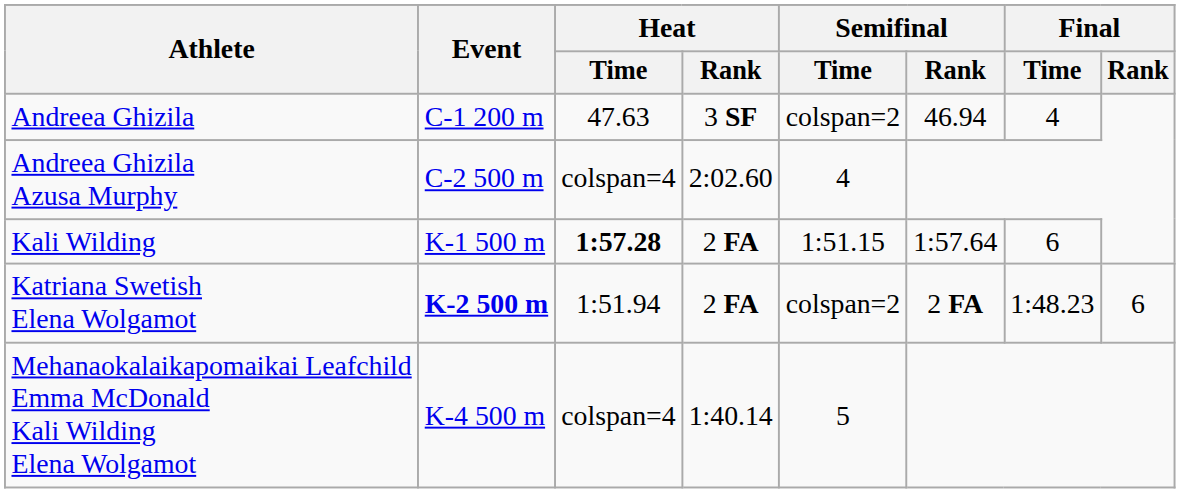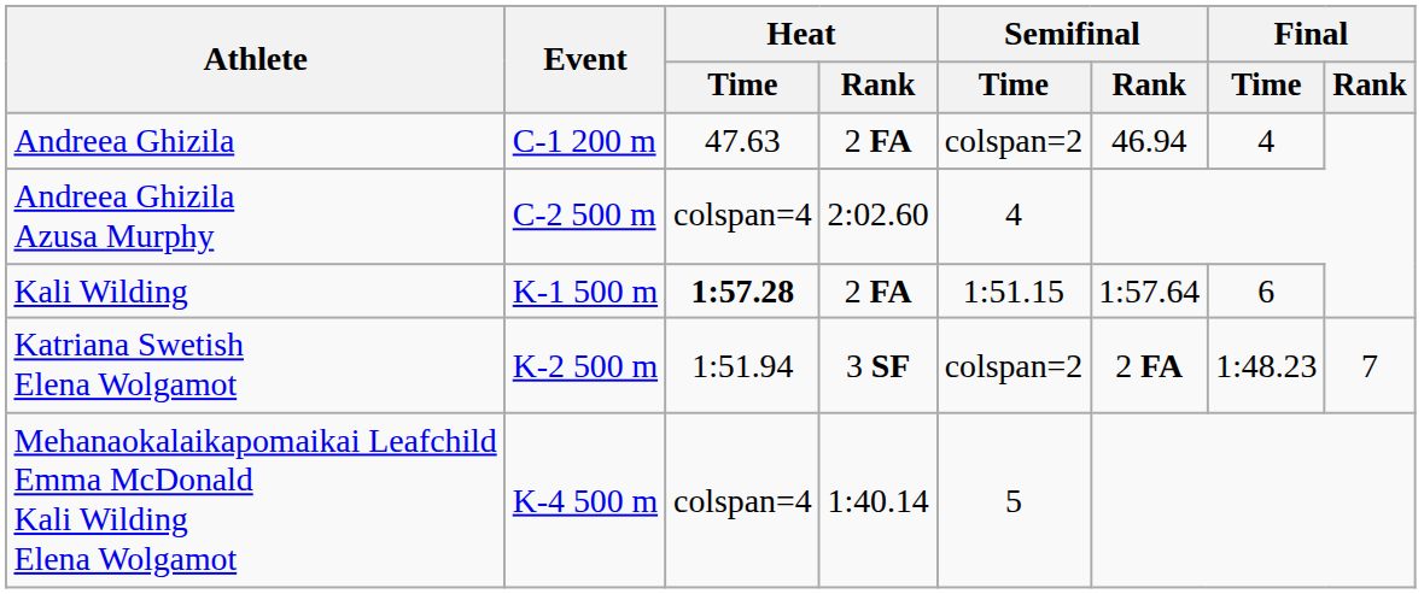 <table class=wikitable style=font-size:90%;text-align:center>
 <tr>
 <th rowspan=2>Athlete</th>
 <th rowspan=2>Event</th>
 <th colspan=2>Heat</th>
 <th colspan=2>Semifinal</th>
 <th colspan=2>Final</th>
 </tr>
 <tr style=font-size:95%>
 <th>Time</th>
 <th>Rank</th>
 <th>Time</th>
 <th>Rank</th>
 <th>Time</th>
 <th>Rank</th>
 </tr>
 <tr>
 <td align=left><a href='#'>Andreea Ghizila</a></td>
 <td align=left><a href='#'>C-1 200 m</a></td>
 <td>47.63</td>
-<td>3 <strong>SF</strong></td>
+<td>2 <strong>FA</strong></td>
 <td>colspan=2 </td>
 <td>46.94</td>
 <td>4</td>
 </tr>
 <tr>
 <td align=left><a href='#'>Andreea Ghizila</a><br><a href='#'>Azusa Murphy</a></td>
 <td align=left><a href='#'>C-2 500 m</a></td>
 <td>colspan=4 </td>
 <td>2:02.60</td>
 <td>4</td>
 </tr>
 <tr>
 <td align=left><a href='#'>Kali Wilding</a></td>
 <td align=left><a href='#'>K-1 500 m</a></td>
 <td><strong>1:57.28</strong></td>
 <td>2 <strong>FA</strong></td>
 <td>1:51.15</td>
 <td>1:57.64</td>
 <td>6</td>
 </tr>
 <tr>
 <td align=left><a href='#'>Katriana Swetish</a><br><a href='#'>Elena Wolgamot</a></td>
-<td align=left><strong><a href='#'>K-2 500 m</a></strong></td>
+<td align=left><a href='#'>K-2 500 m</a></td>
 <td>1:51.94</td>
-<td>2 <strong>FA</strong></td>
+<td>3 <strong>SF</strong></td>
 <td>colspan=2 </td>
 <td>2 <strong>FA</strong></td>
 <td>1:48.23</td>
-<td>6</td>
+<td>7</td>
 </tr>
 <tr>
 <td align=left><a href='#'>Mehanaokalaikapomaikai Leafchild</a><br><a href='#'>Emma McDonald</a><br><a href='#'>Kali Wilding</a><br><a href='#'>Elena Wolgamot</a></td>
 <td align=left><a href='#'>K-4 500 m</a></td>
 <td>colspan=4 </td>
 <td>1:40.14</td>
 <td>5</td>
 </tr>
 </table>
